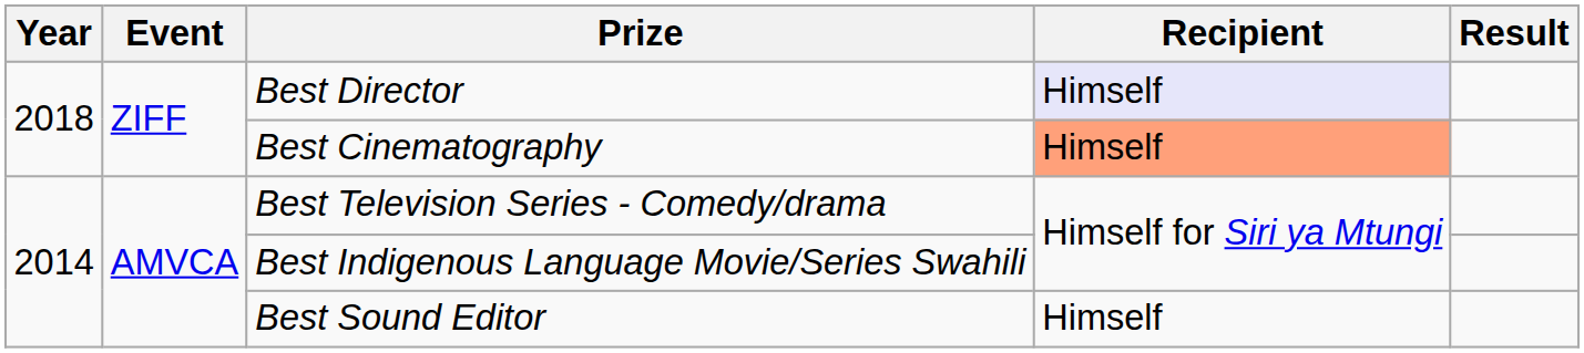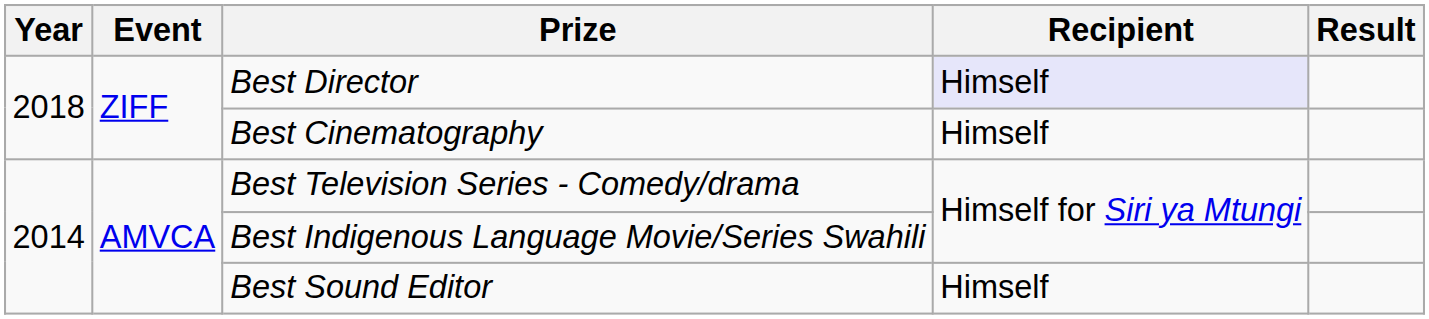 <table class="wikitable">
 <tr>
 <th>Year</th>
 <th>Event</th>
 <th>Prize</th>
 <th>Recipient</th>
 <th>Result</th>
 </tr>
 <tr>
 <td rowspan=2>2018</td>
 <td rowspan=2><a href='#'>ZIFF</a></td>
 <td><em>Best Director</em></td>
 <td style="background: lavender;">Himself</td>
 <td></td>
 </tr>
 <tr>
 <td><em>Best Cinematography</em></td>
-<td style="background: lightsalmon;">Himself</td>
+<td>Himself</td>
 <td></td>
 </tr>
 <tr>
 <td rowspan=3>2014</td>
 <td rowspan=3><a href='#'>AMVCA</a></td>
 <td><em>Best Television Series - Comedy/drama</em></td>
 <td rowspan=2>Himself for <em><a href='#'>Siri ya Mtungi</a></em></td>
 <td></td>
 </tr>
 <tr>
 <td><em>Best Indigenous Language Movie/Series Swahili</em></td>
 <td></td>
 </tr>
 <tr>
 <td><em>Best Sound Editor</em></td>
 <td>Himself</td>
 <td></td>
 </tr>
 </table>
